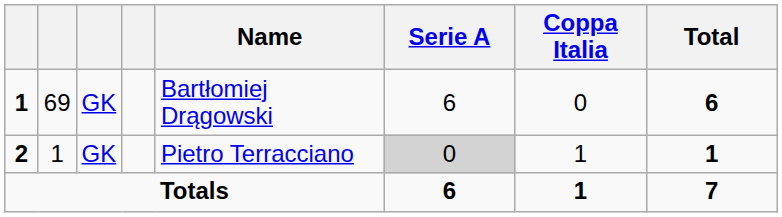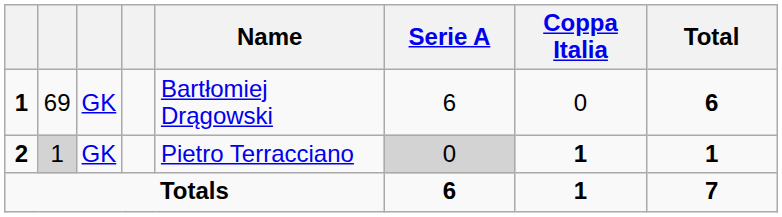 <table class="wikitable" style="text-align:center">
 <tr>
 <th width=15></th>
 <th width=15></th>
 <th width=15></th>
 <th width=15></th>
 <th width=145>Name</th>
 <th width=80><a href='#'>Serie A</a></th>
 <th width=80><a href='#'>Coppa Italia</a></th>
 <th width=80>Total</th>
 </tr>
 <tr>
 <td><strong>1</strong></td>
 <td>69</td>
 <td><a href='#'>GK</a></td>
 <td></td>
 <td align=left><a href='#'>Bartłomiej Drągowski</a></td>
 <td>6</td>
 <td>0</td>
 <td><strong>6</strong></td>
 </tr>
 <tr>
 <td><strong>2</strong></td>
-<td>1</td>
+<td style="background: lightgrey;">1</td>
 <td><a href='#'>GK</a></td>
 <td></td>
 <td align=left><a href='#'>Pietro Terracciano</a></td>
 <td style="background: lightgrey;">0</td>
-<td>1</td>
+<td><strong>1</strong></td>
 <td><strong>1</strong></td>
 </tr>
 <tr>
 <td colspan=5><strong>Totals</strong></td>
 <td><strong>6</strong></td>
 <td><strong>1</strong></td>
 <td><strong>7</strong></td>
 </tr>
 </table>
